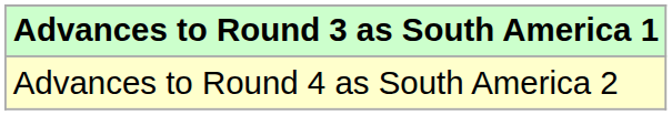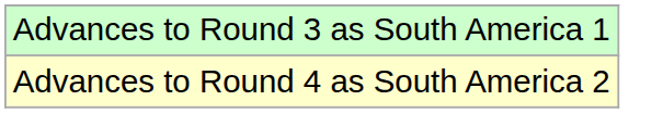 <table class="wikitable">
 <tr>
 </tr>
 <tr width=10px bgcolor=ccffcc>
-<td><strong>Advances to Round 3 as South America 1</strong></td>
+<td>Advances to Round 3 as South America 1</td>
 </tr>
 <tr width=10px bgcolor=ffffcc>
 <td>Advances to Round 4 as South America 2</td>
 </tr>
 </table>
